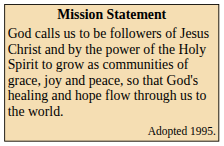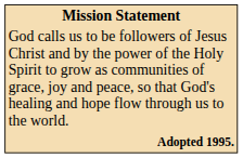 <table align=right style="border: 1px solid; background: wheat; margin-left: 5px" width=250>
 <tr>
 <th>Mission Statement</th>
 </tr>
 <tr>
 <td>God calls us to be followers of Jesus Christ and by the power of the Holy Spirit to grow as communities of grace, joy and peace, so that God's healing and hope flow through us to the world.</td>
 </tr>
 <tr>
-<td align=right><small>Adopted 1995.</small></td>
+<td align=right><strong><small>Adopted 1995.</small></strong></td>
 </tr>
 </table>
